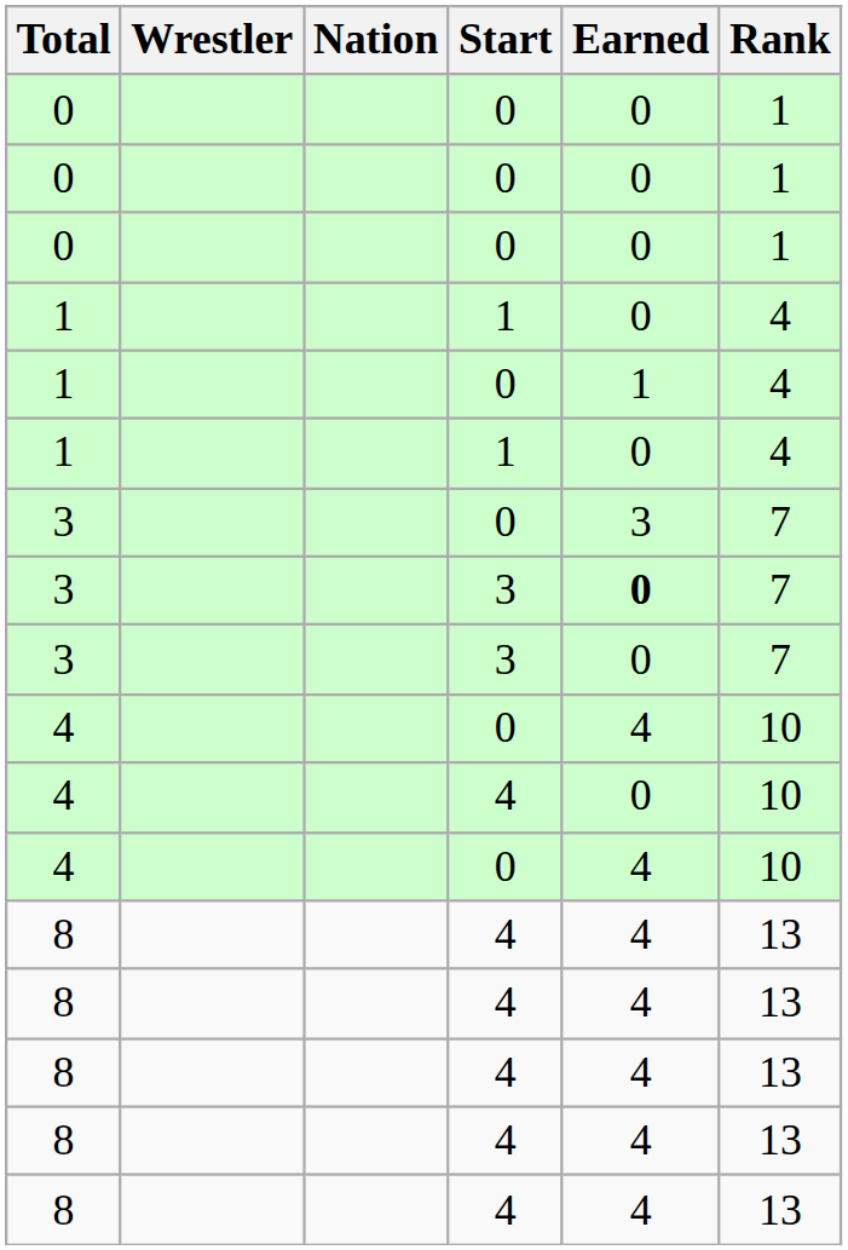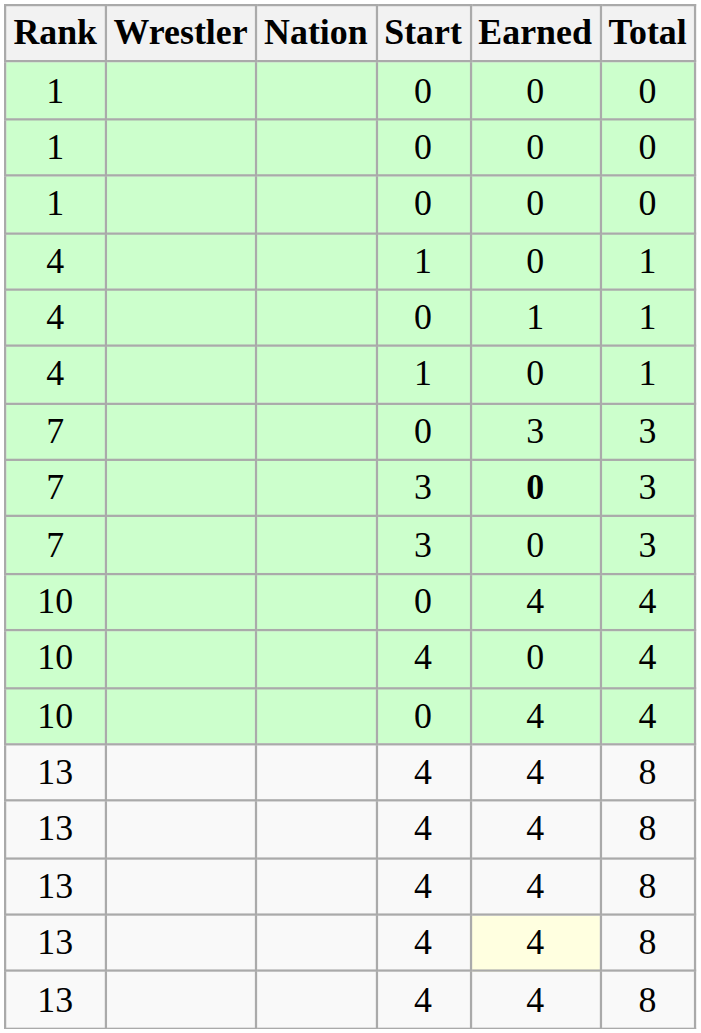 <table class="wikitable sortable" style="text-align:center;">
 <tr>
-<th>Total</th>
+<th>Rank</th>
 <th>Wrestler</th>
 <th>Nation</th>
 <th>Start</th>
 <th>Earned</th>
-<th>Rank</th>
-</tr>
-<tr style="background:#cfc;">
-<td>0</td>
-<td align=left></td>
-<td align=left></td>
-<td>0</td>
-<td>0</td>
-<td>1</td>
-</tr>
-<tr style="background:#cfc;">
-<td>0</td>
-<td align=left></td>
-<td align=left></td>
-<td>0</td>
-<td>0</td>
-<td>1</td>
-</tr>
-<tr style="background:#cfc;">
-<td>0</td>
-<td align=left></td>
-<td align=left></td>
-<td>0</td>
-<td>0</td>
-<td>1</td>
-</tr>
-<tr style="background:#cfc;">
-<td>1</td>
-<td align=left></td>
-<td align=left></td>
-<td>1</td>
-<td>0</td>
-<td>4</td>
+<th>Total</th>
 </tr>
 <tr style="background:#cfc;">
 <td>1</td>
 <td align=left></td>
 <td align=left></td>
 <td>0</td>
-<td>1</td>
-<td>4</td>
+<td>0</td>
+<td>0</td>
 </tr>
 <tr style="background:#cfc;">
 <td>1</td>
 <td align=left></td>
 <td align=left></td>
-<td>1</td>
 <td>0</td>
-<td>4</td>
+<td>0</td>
+<td>0</td>
 </tr>
 <tr style="background:#cfc;">
-<td>3</td>
+<td>1</td>
 <td align=left></td>
 <td align=left></td>
 <td>0</td>
-<td>3</td>
-<td>7</td>
+<td>0</td>
+<td>0</td>
 </tr>
 <tr style="background:#cfc;">
-<td>3</td>
+<td>4</td>
 <td align=left></td>
 <td align=left></td>
-<td>3</td>
-<td><strong>0</strong></td>
-<td>7</td>
-</tr>
-<tr style="background:#cfc;">
-<td>3</td>
-<td align=left></td>
-<td align=left></td>
-<td>3</td>
+<td>1</td>
 <td>0</td>
-<td>7</td>
+<td>1</td>
 </tr>
 <tr style="background:#cfc;">
 <td>4</td>
 <td align=left></td>
 <td align=left></td>
 <td>0</td>
-<td>4</td>
-<td>10</td>
+<td>1</td>
+<td>1</td>
 </tr>
 <tr style="background:#cfc;">
 <td>4</td>
 <td align=left></td>
 <td align=left></td>
-<td>4</td>
+<td>1</td>
 <td>0</td>
-<td>10</td>
+<td>1</td>
 </tr>
 <tr style="background:#cfc;">
-<td>4</td>
+<td>7</td>
+<td align=left></td>
+<td align=left></td>
+<td>0</td>
+<td>3</td>
+<td>3</td>
+</tr>
+<tr style="background:#cfc;">
+<td>7</td>
+<td align=left></td>
+<td align=left></td>
+<td>3</td>
+<td><strong>0</strong></td>
+<td>3</td>
+</tr>
+<tr style="background:#cfc;">
+<td>7</td>
+<td align=left></td>
+<td align=left></td>
+<td>3</td>
+<td>0</td>
+<td>3</td>
+</tr>
+<tr style="background:#cfc;">
+<td>10</td>
 <td align=left></td>
 <td align=left></td>
 <td>0</td>
 <td>4</td>
+<td>4</td>
+</tr>
+<tr style="background:#cfc;">
 <td>10</td>
+<td align=left></td>
+<td align=left></td>
+<td>4</td>
+<td>0</td>
+<td>4</td>
+</tr>
+<tr style="background:#cfc;">
+<td>10</td>
+<td align=left></td>
+<td align=left></td>
+<td>0</td>
+<td>4</td>
+<td>4</td>
 </tr>
 <tr>
-<td>8</td>
+<td>13</td>
 <td align=left></td>
 <td align=left></td>
 <td>4</td>
 <td>4</td>
-<td>13</td>
+<td>8</td>
 </tr>
 <tr>
-<td>8</td>
+<td>13</td>
 <td align=left></td>
 <td align=left></td>
 <td>4</td>
 <td>4</td>
-<td>13</td>
+<td>8</td>
 </tr>
 <tr>
-<td>8</td>
+<td>13</td>
 <td align=left></td>
 <td align=left></td>
 <td>4</td>
 <td>4</td>
-<td>13</td>
+<td>8</td>
 </tr>
 <tr>
+<td>13</td>
+<td align=left></td>
+<td align=left></td>
+<td>4</td>
+<td style="background: lightyellow;">4</td>
 <td>8</td>
+</tr>
+<tr>
+<td>13</td>
 <td align=left></td>
 <td align=left></td>
 <td>4</td>
 <td>4</td>
-<td>13</td>
-</tr>
-<tr>
 <td>8</td>
-<td align=left></td>
-<td align=left></td>
-<td>4</td>
-<td>4</td>
-<td>13</td>
 </tr>
 </table>
